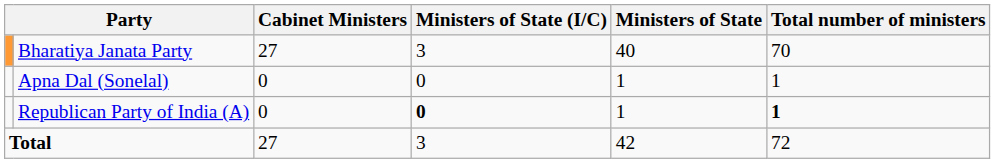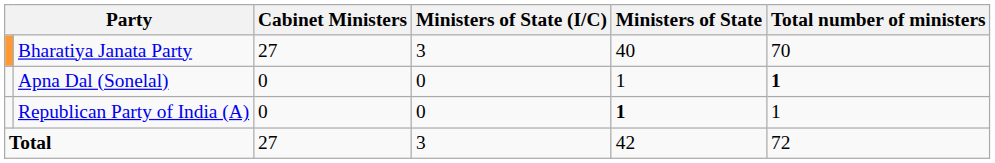 <table class="wikitable">
 <tr>
 <th Colspan=2>Party</th>
 <th>Cabinet Ministers</th>
 <th>Ministers of State (I/C)</th>
 <th>Ministers of State</th>
 <th>Total number of ministers</th>
 </tr>
 <tr>
 <td bgcolor=#FF9933></td>
 <td><a href='#'>Bharatiya Janata Party</a></td>
 <td>27</td>
 <td>3</td>
 <td>40</td>
 <td>70</td>
 </tr>
 <tr>
 <td bgcolor=></td>
 <td><a href='#'>Apna Dal (Sonelal)</a></td>
 <td>0</td>
 <td>0</td>
 <td>1</td>
-<td>1</td>
+<td><strong>1</strong></td>
 </tr>
 <tr>
 <td bgcolor=></td>
 <td><a href='#'>Republican Party of India (A)</a></td>
 <td>0</td>
-<td><strong>0</strong></td>
+<td>0</td>
+<td><strong>1</strong></td>
 <td>1</td>
-<td><strong>1</strong></td>
 </tr>
 <tr>
 <td Colspan=2><strong>Total</strong></td>
 <td>27</td>
 <td>3</td>
 <td>42</td>
 <td>72</td>
 </tr>
 </table>
